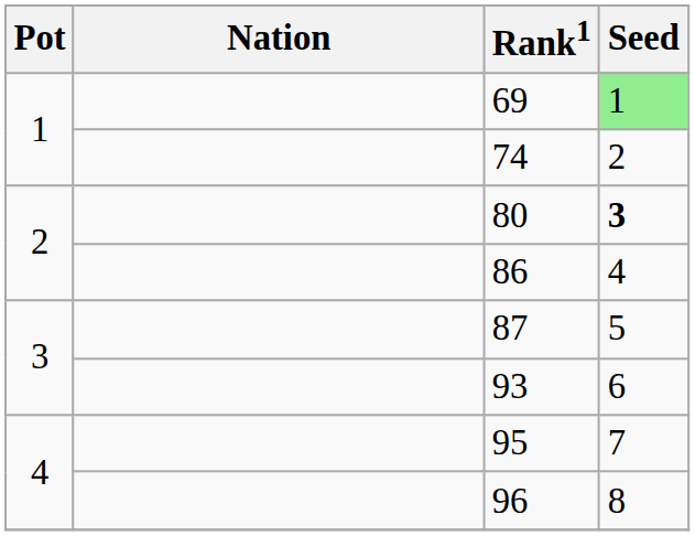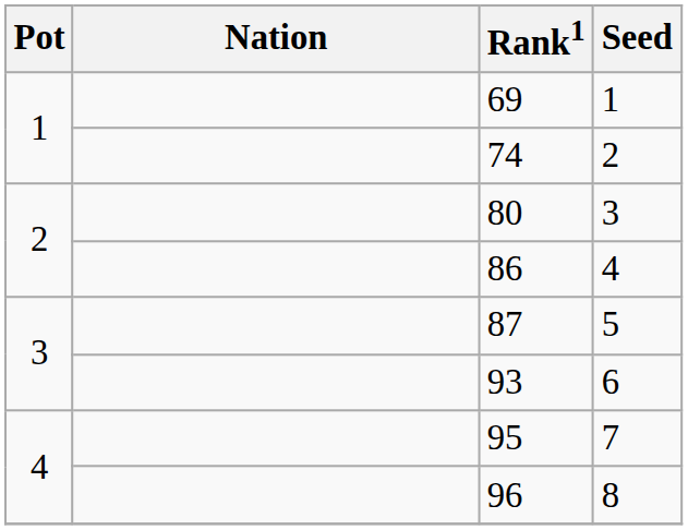 <table class="wikitable">
 <tr>
 <th>Pot</th>
 <th width="175">Nation</th>
 <th>Rank<sup>1</sup></th>
 <th>Seed</th>
 </tr>
 <tr>
 <td rowspan=2 style="text-align:center;">1</td>
 <td></td>
 <td>69</td>
-<td style="background: lightgreen;">1</td>
+<td>1</td>
 </tr>
 <tr>
 <td></td>
 <td>74</td>
 <td>2</td>
 </tr>
 <tr>
 <td rowspan=2 style="text-align:center;">2</td>
 <td></td>
 <td>80</td>
-<td><strong>3</strong></td>
+<td>3</td>
 </tr>
 <tr>
 <td></td>
 <td>86</td>
 <td>4</td>
 </tr>
 <tr>
 <td rowspan=2 style="text-align:center;">3</td>
 <td></td>
 <td>87</td>
 <td>5</td>
 </tr>
 <tr>
 <td></td>
 <td>93</td>
 <td>6</td>
 </tr>
 <tr>
 <td rowspan=2 style="text-align:center;">4</td>
 <td></td>
 <td>95</td>
 <td>7</td>
 </tr>
 <tr>
 <td></td>
 <td>96</td>
 <td>8</td>
 </tr>
 <tr>
 </tr>
 </table>
